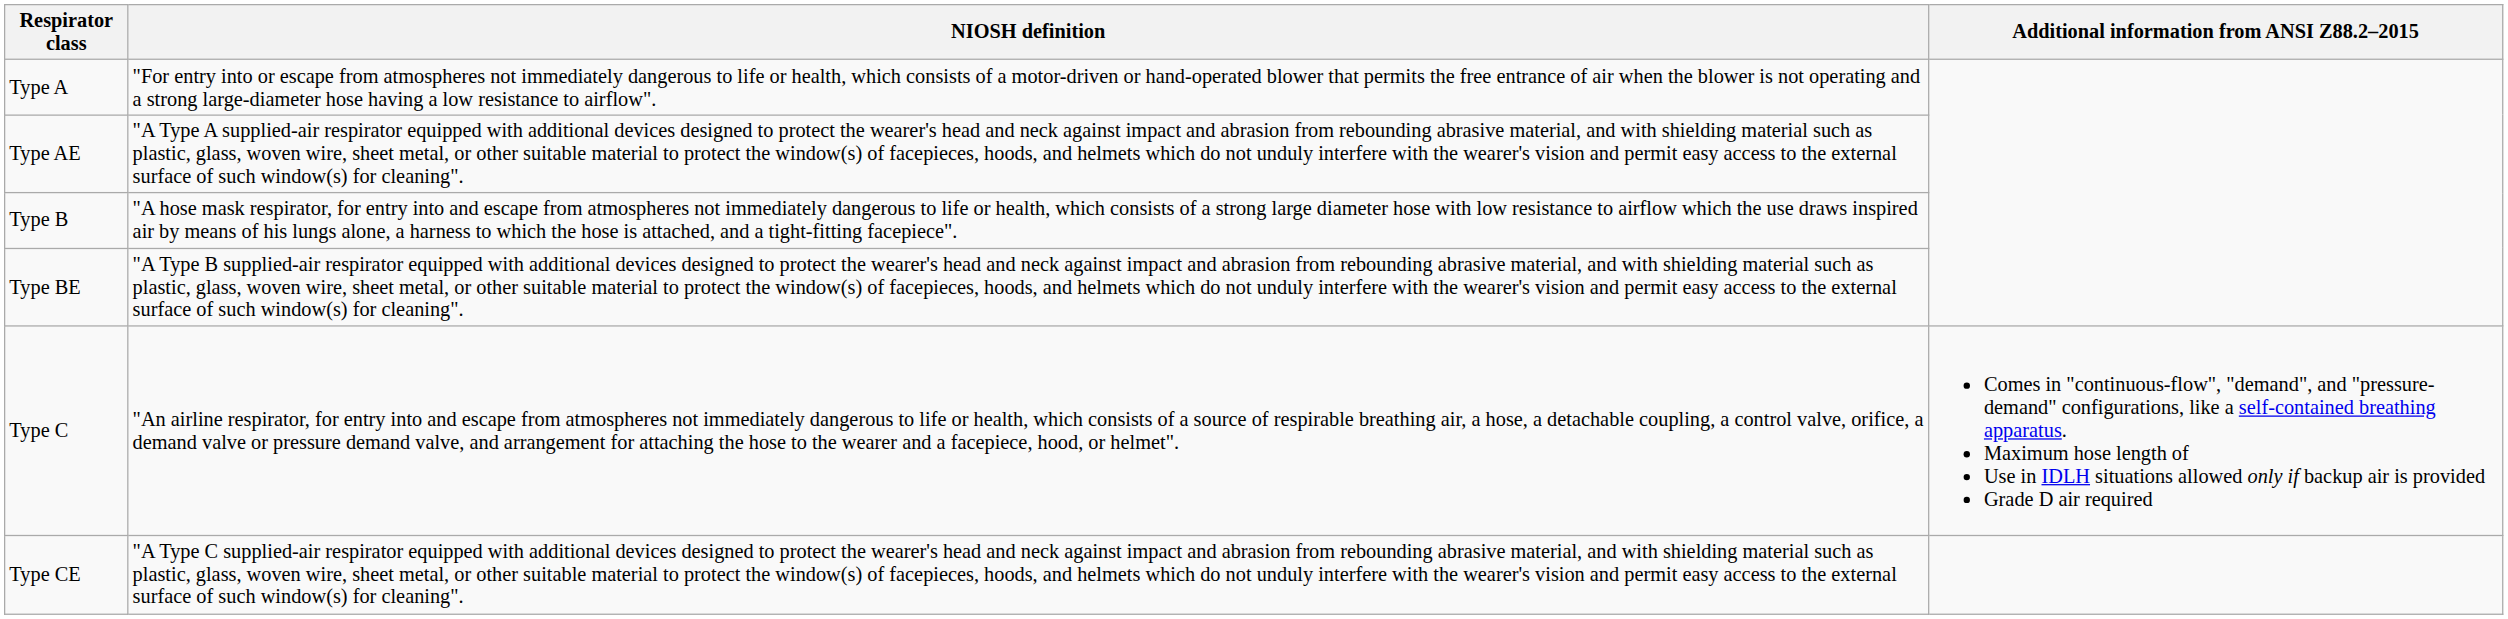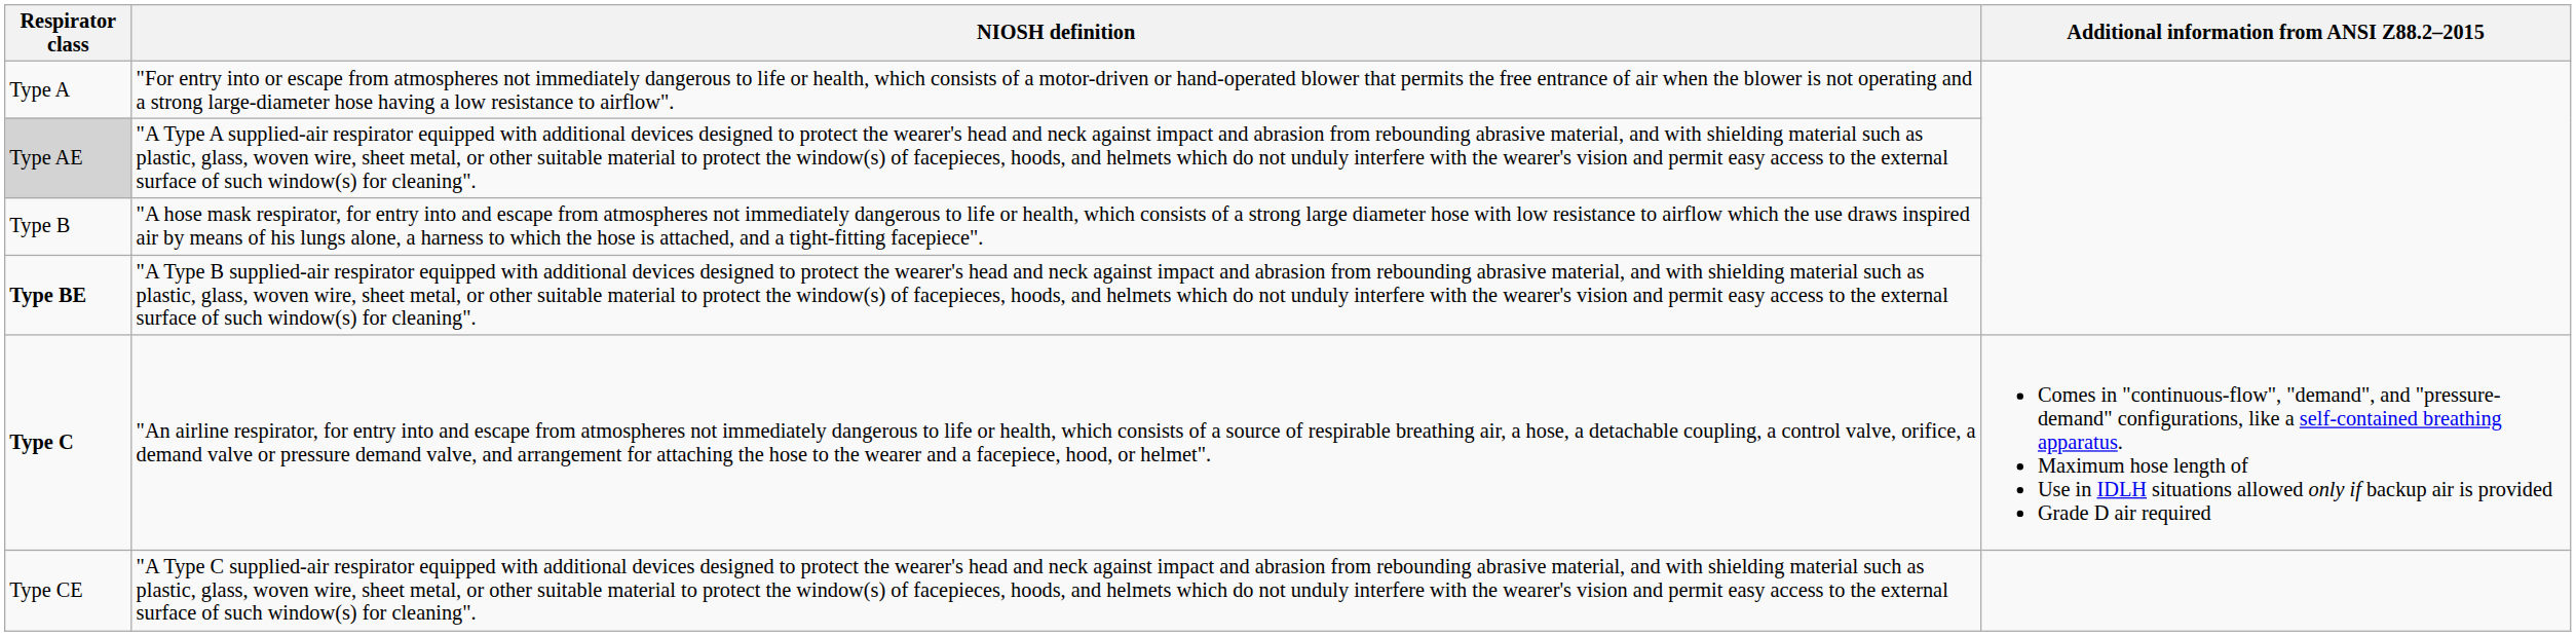 <table class="wikitable mw-collapsible">
 <tr>
 <th>Respirator class</th>
 <th>NIOSH definition</th>
 <th>Additional information from ANSI Z88.2–2015</th>
 </tr>
 <tr>
 <td>Type A</td>
 <td>"For entry into or escape from atmospheres not immediately dangerous to life or health, which consists of a motor-driven or hand-operated blower that permits the free entrance of air when the blower is not operating and a strong large-diameter hose having a low resistance to airflow".</td>
 <td rowspan="4"></td>
 </tr>
 <tr>
-<td>Type AE</td>
+<td style="background: lightgrey;">Type AE</td>
 <td>"A Type A supplied-air respirator equipped with additional devices designed to protect the wearer's head and neck against impact and abrasion from rebounding abrasive material, and with shielding material such as plastic, glass, woven wire, sheet metal, or other suitable material to protect the window(s) of facepieces, hoods, and helmets which do not unduly interfere with the wearer's vision and permit easy access to the external surface of such window(s) for cleaning".</td>
 </tr>
 <tr>
 <td>Type B</td>
 <td>"A hose mask respirator, for entry into and escape from atmospheres not immediately dangerous to life or health, which consists of a strong large diameter hose with low resistance to airflow which the use draws inspired air by means of his lungs alone, a harness to which the hose is attached, and a tight-fitting facepiece".</td>
 </tr>
 <tr>
-<td>Type BE</td>
+<td><strong>Type BE</strong></td>
 <td>"A Type B supplied-air respirator equipped with additional devices designed to protect the wearer's head and neck against impact and abrasion from rebounding abrasive material, and with shielding material such as plastic, glass, woven wire, sheet metal, or other suitable material to protect the window(s) of facepieces, hoods, and helmets which do not unduly interfere with the wearer's vision and permit easy access to the external surface of such window(s) for cleaning".</td>
 </tr>
 <tr>
-<td>Type C</td>
+<td><strong>Type C</strong></td>
 <td>"An airline respirator, for entry into and escape from atmospheres not immediately dangerous to life or health, which consists of a source of respirable breathing air, a hose, a detachable coupling, a control valve, orifice, a demand valve or pressure demand valve, and arrangement for attaching the hose to the wearer and a facepiece, hood, or helmet".</td>
 <td><br><ul><li>Comes in "continuous-flow", "demand", and "pressure-demand" configurations, like a <a href='#'>self-contained breathing apparatus</a>.</li><li>Maximum hose length of </li><li>Use in <a href='#'>IDLH</a> situations allowed <em>only if</em> backup air is provided</li><li>Grade D air required</li></ul></td>
 </tr>
 <tr>
 <td>Type CE</td>
 <td>"A Type C supplied-air respirator equipped with additional devices designed to protect the wearer's head and neck against impact and abrasion from rebounding abrasive material, and with shielding material such as plastic, glass, woven wire, sheet metal, or other suitable material to protect the window(s) of facepieces, hoods, and helmets which do not unduly interfere with the wearer's vision and permit easy access to the external surface of such window(s) for cleaning".</td>
 <td></td>
 </tr>
 </table>
